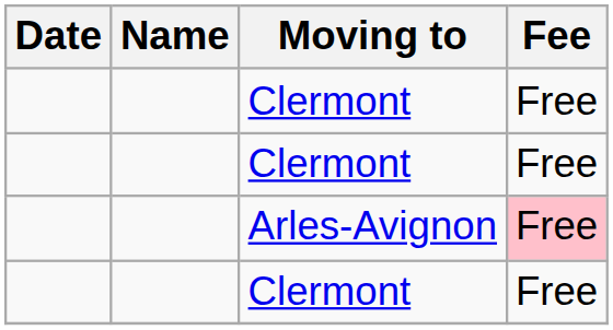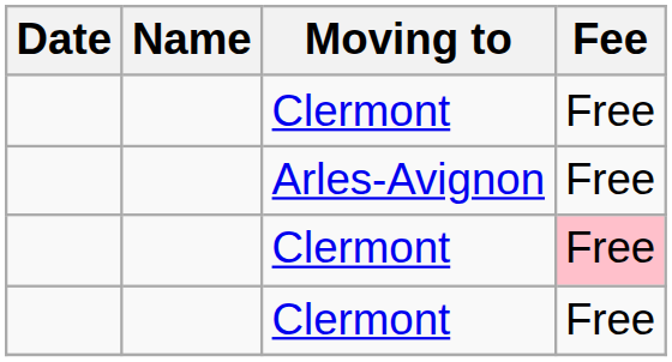 <table class="wikitable sortable">
 <tr>
 <th>Date</th>
 <th>Name</th>
 <th>Moving to</th>
 <th>Fee</th>
 </tr>
 <tr>
 <td><strong></strong></td>
 <td> </td>
 <td><a href='#'>Clermont</a></td>
 <td>Free</td>
 </tr>
 <tr>
 <td><strong></strong></td>
 <td> </td>
-<td><a href='#'>Clermont</a></td>
+<td><a href='#'>Arles-Avignon</a></td>
 <td>Free</td>
 </tr>
 <tr>
 <td><strong></strong></td>
 <td> </td>
-<td><a href='#'>Arles-Avignon</a></td>
+<td><a href='#'>Clermont</a></td>
 <td style="background: pink;">Free</td>
 </tr>
 <tr>
 <td><strong></strong></td>
 <td> </td>
 <td><a href='#'>Clermont</a></td>
 <td>Free</td>
 </tr>
 <tr>
 </tr>
 </table>
